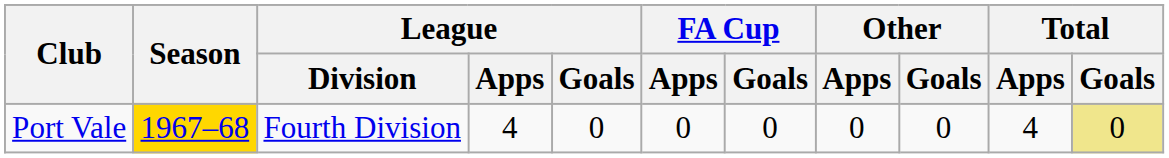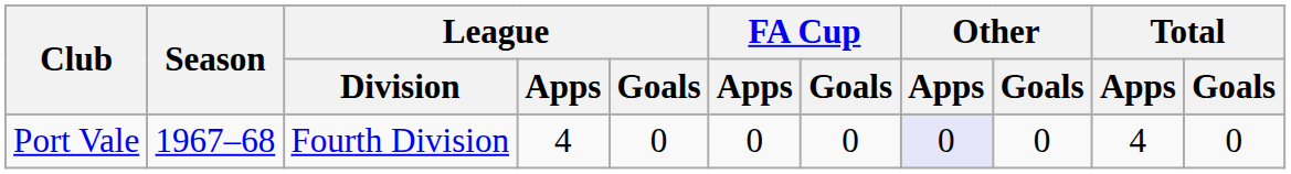 <table class="wikitable" style="text-align:center">
 <tr>
 <th rowspan="2">Club</th>
 <th rowspan="2">Season</th>
 <th colspan="3">League</th>
 <th colspan="2"><a href='#'>FA Cup</a></th>
 <th colspan="2">Other</th>
 <th colspan="2">Total</th>
 </tr>
 <tr>
 <th>Division</th>
 <th>Apps</th>
 <th>Goals</th>
 <th>Apps</th>
 <th>Goals</th>
 <th>Apps</th>
 <th>Goals</th>
 <th>Apps</th>
 <th>Goals</th>
 </tr>
 <tr>
 <td><a href='#'>Port Vale</a></td>
-<td style="background: gold;"><a href='#'>1967–68</a></td>
+<td><a href='#'>1967–68</a></td>
 <td><a href='#'>Fourth Division</a></td>
 <td>4</td>
 <td>0</td>
 <td>0</td>
 <td>0</td>
-<td>0</td>
+<td style="background: lavender;">0</td>
 <td>0</td>
 <td>4</td>
-<td style="background: khaki;">0</td>
+<td>0</td>
 </tr>
 </table>
